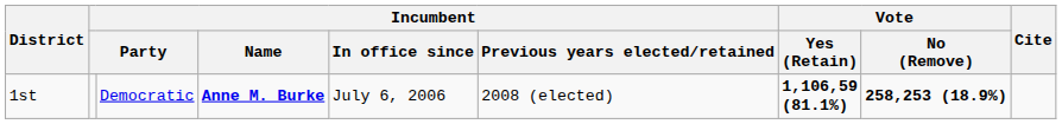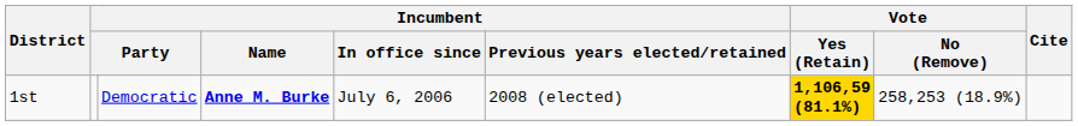 <table class="wikitable">
 <tr>
 <th rowspan =2>District</th>
 <th colspan=5>Incumbent</th>
 <th colspan="2">Vote</th>
 <th rowspan="2">Cite</th>
 </tr>
 <tr>
 <th colspan="2">Party</th>
 <th>Name</th>
 <th>In office since</th>
 <th>Previous years elected/retained</th>
 <th>Yes<br>(Retain)</th>
 <th>No<br>(Remove)</th>
 </tr>
 <tr>
 <td>1st</td>
 <td style="background-color:"></td>
 <td><a href='#'>Democratic</a></td>
 <td><strong><a href='#'>Anne M. Burke</a></strong></td>
 <td>July 6, 2006</td>
 <td>2008 (elected)</td>
-<td><strong>1,106,59<br>(81.1%)</strong></td>
-<td><strong>258,253 (18.9%)</strong></td>
+<td style="background: gold;"><strong>1,106,59<br>(81.1%)</strong></td>
+<td>258,253 (18.9%)</td>
 <td></td>
 </tr>
 </table>
